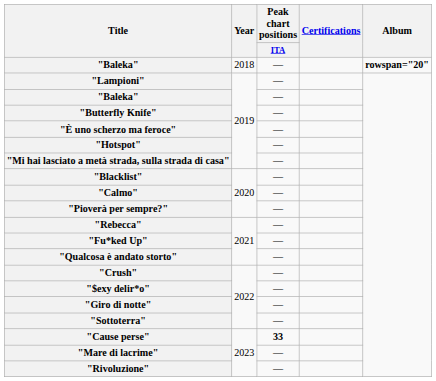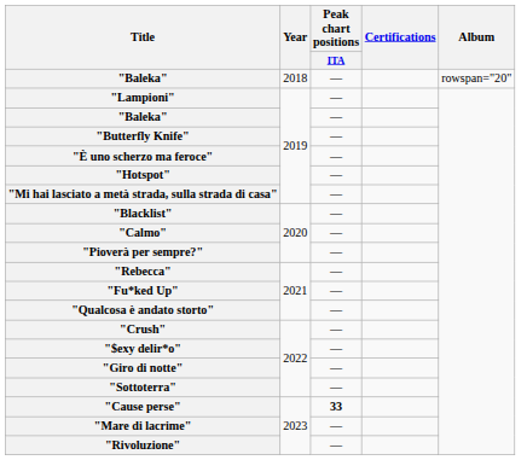 <table class="wikitable plainrowheaders" style="text-align:center;">
 <tr>
 <th rowspan="2" scope="col" style="width:16em;">Title</th>
 <th rowspan="2" scope="col" style="width:1em;">Year</th>
 <th scope="col">Peak chart positions</th>
 <th rowspan="2" scope="col"><a href='#'>Certifications</a></th>
 <th rowspan="2">Album</th>
 </tr>
 <tr>
 <th scope="col" style="width:3em;font-size:85%;"><a href='#'>ITA</a><br></th>
 </tr>
 <tr>
 <th scope="row">"Baleka"<br></th>
 <td>2018</td>
 <td>—</td>
 <td></td>
-<td><strong>rowspan="20" </strong></td>
+<td>rowspan="20" </td>
 </tr>
 <tr>
 <th scope="row">"Lampioni"</th>
 <td rowspan="6">2019</td>
 <td>—</td>
 <td></td>
 </tr>
 <tr>
 <th scope="row">"Baleka"<br></th>
 <td>—</td>
 <td></td>
 </tr>
 <tr>
 <th scope="row">"Butterfly Knife"</th>
 <td>—</td>
 <td></td>
 </tr>
 <tr>
 <th scope="row">"È uno scherzo ma feroce"<br></th>
 <td>—</td>
 <td></td>
 </tr>
 <tr>
 <th scope="row">"Hotspot"<br></th>
 <td>—</td>
 <td></td>
 </tr>
 <tr>
 <th scope="row" nowrap="">"Mi hai lasciato a metà strada, sulla strada di casa"</th>
 <td>—</td>
 <td></td>
 </tr>
 <tr>
 <th scope="row">"Blacklist"</th>
 <td rowspan="3">2020</td>
 <td>—</td>
 <td></td>
 </tr>
 <tr>
 <th scope="row">"Calmo"</th>
 <td>—</td>
 <td></td>
 </tr>
 <tr>
 <th scope="row">"Pioverà per sempre?"</th>
 <td>—</td>
 <td></td>
 </tr>
 <tr>
 <th scope="row">"Rebecca"<br></th>
 <td rowspan="3">2021</td>
 <td>—</td>
 <td></td>
 </tr>
 <tr>
 <th scope="row">"Fu*ked Up"<br></th>
 <td>—</td>
 <td></td>
 </tr>
 <tr>
 <th scope="row">"Qualcosa è andato storto"<br></th>
 <td>—</td>
 <td></td>
 </tr>
 <tr>
 <th scope="row">"Crush"<br></th>
 <td rowspan="4">2022</td>
 <td>—</td>
 <td></td>
 </tr>
 <tr>
 <th scope="row">"$exy delir*o"<br></th>
 <td>—</td>
 <td></td>
 </tr>
 <tr>
 <th scope="row">"Giro di notte"<br></th>
 <td>—</td>
 <td></td>
 </tr>
 <tr>
 <th scope="row">"Sottoterra"<br></th>
 <td>—</td>
 <td></td>
 </tr>
 <tr>
 <th scope="row">"Cause perse"<br></th>
 <td rowspan="3">2023</td>
 <td><strong>33</strong></td>
 <td></td>
 </tr>
 <tr>
 <th scope="row">"Mare di lacrime"<br></th>
 <td>—</td>
 <td></td>
 </tr>
 <tr>
 <th scope="row">"Rivoluzione"<br></th>
 <td>—</td>
 <td></td>
 </tr>
 </table>
